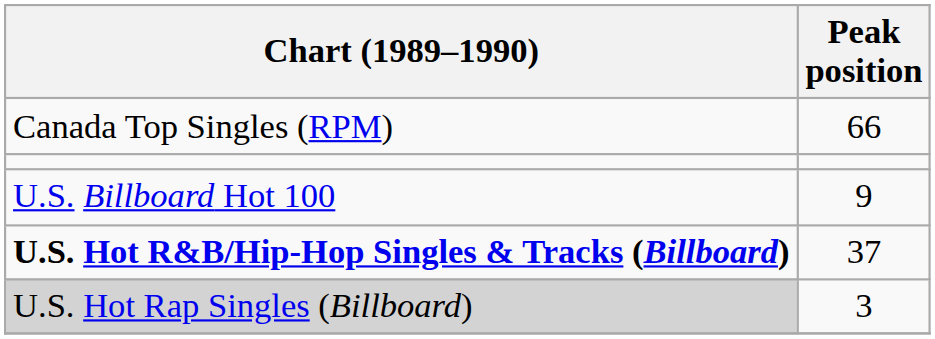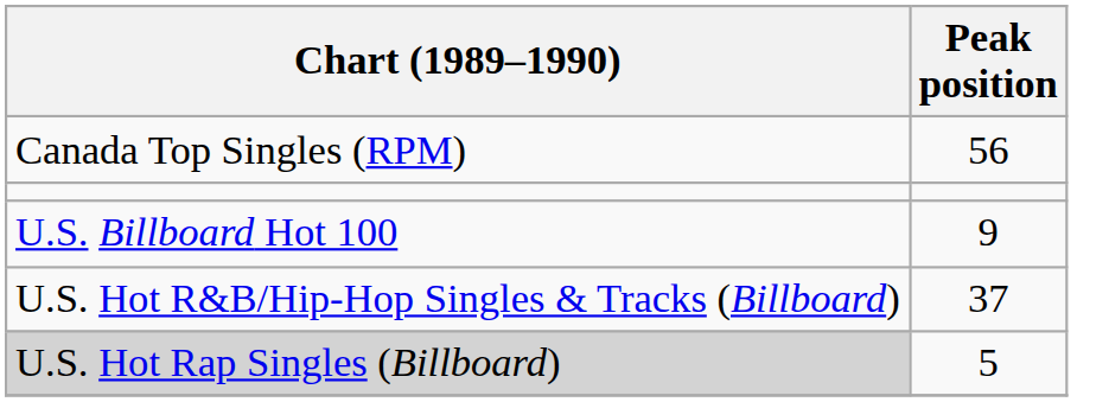 <table class="wikitable sortable">
 <tr>
 <th>Chart (1989–1990)</th>
 <th>Peak<br>position</th>
 </tr>
 <tr>
 <td>Canada Top Singles (<a href='#'>RPM</a>)</td>
-<td align="center">66</td>
+<td align="center">56</td>
 </tr>
 <tr>
 <td></td>
 </tr>
 <tr>
 <td><a href='#'>U.S.</a> <a href='#'><em>Billboard</em> Hot 100</a></td>
 <td align="center">9</td>
 </tr>
 <tr>
-<td><strong>U.S. <a href='#'>Hot R&B/Hip-Hop Singles & Tracks</a> (<em><a href='#'>Billboard</a></em>)</strong></td>
+<td>U.S. <a href='#'>Hot R&B/Hip-Hop Singles & Tracks</a> (<em><a href='#'>Billboard</a></em>)</td>
 <td align="center">37</td>
 </tr>
 <tr>
 <td style="background: lightgrey;">U.S. <a href='#'>Hot Rap Singles</a> (<em>Billboard</em>)</td>
-<td align="center">3</td>
+<td align="center">5</td>
 </tr>
 <tr>
 </tr>
 </table>
